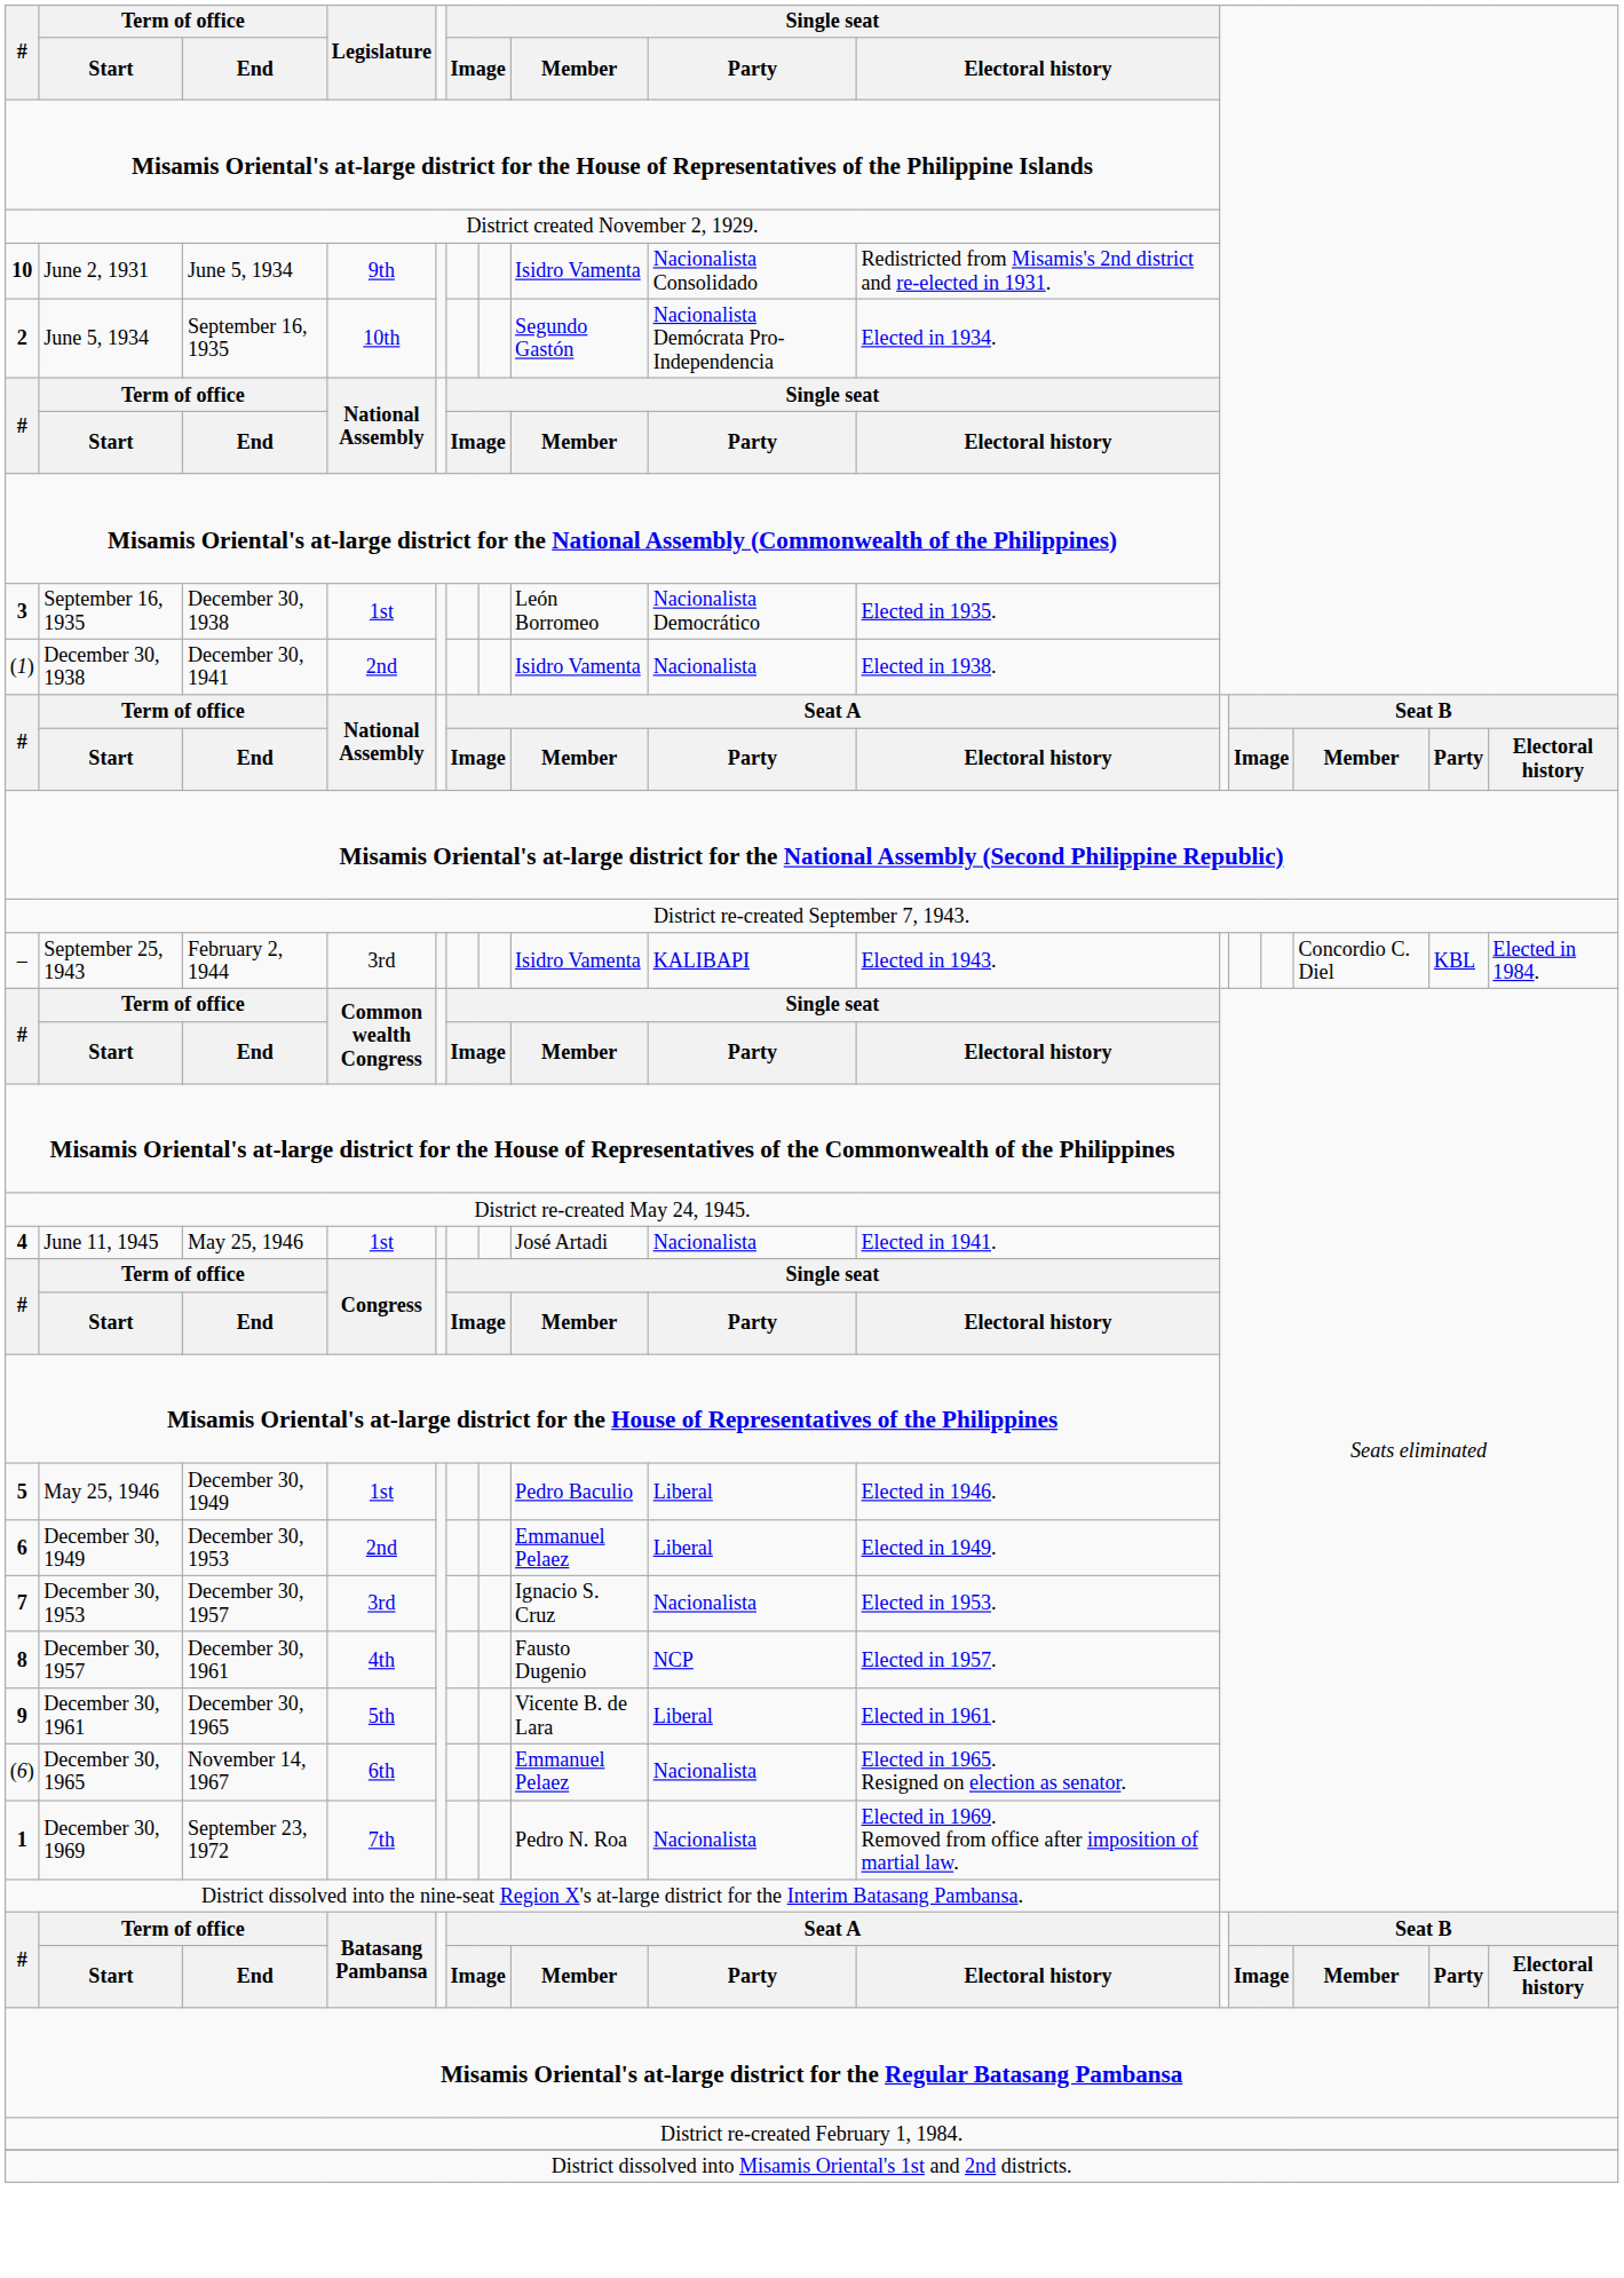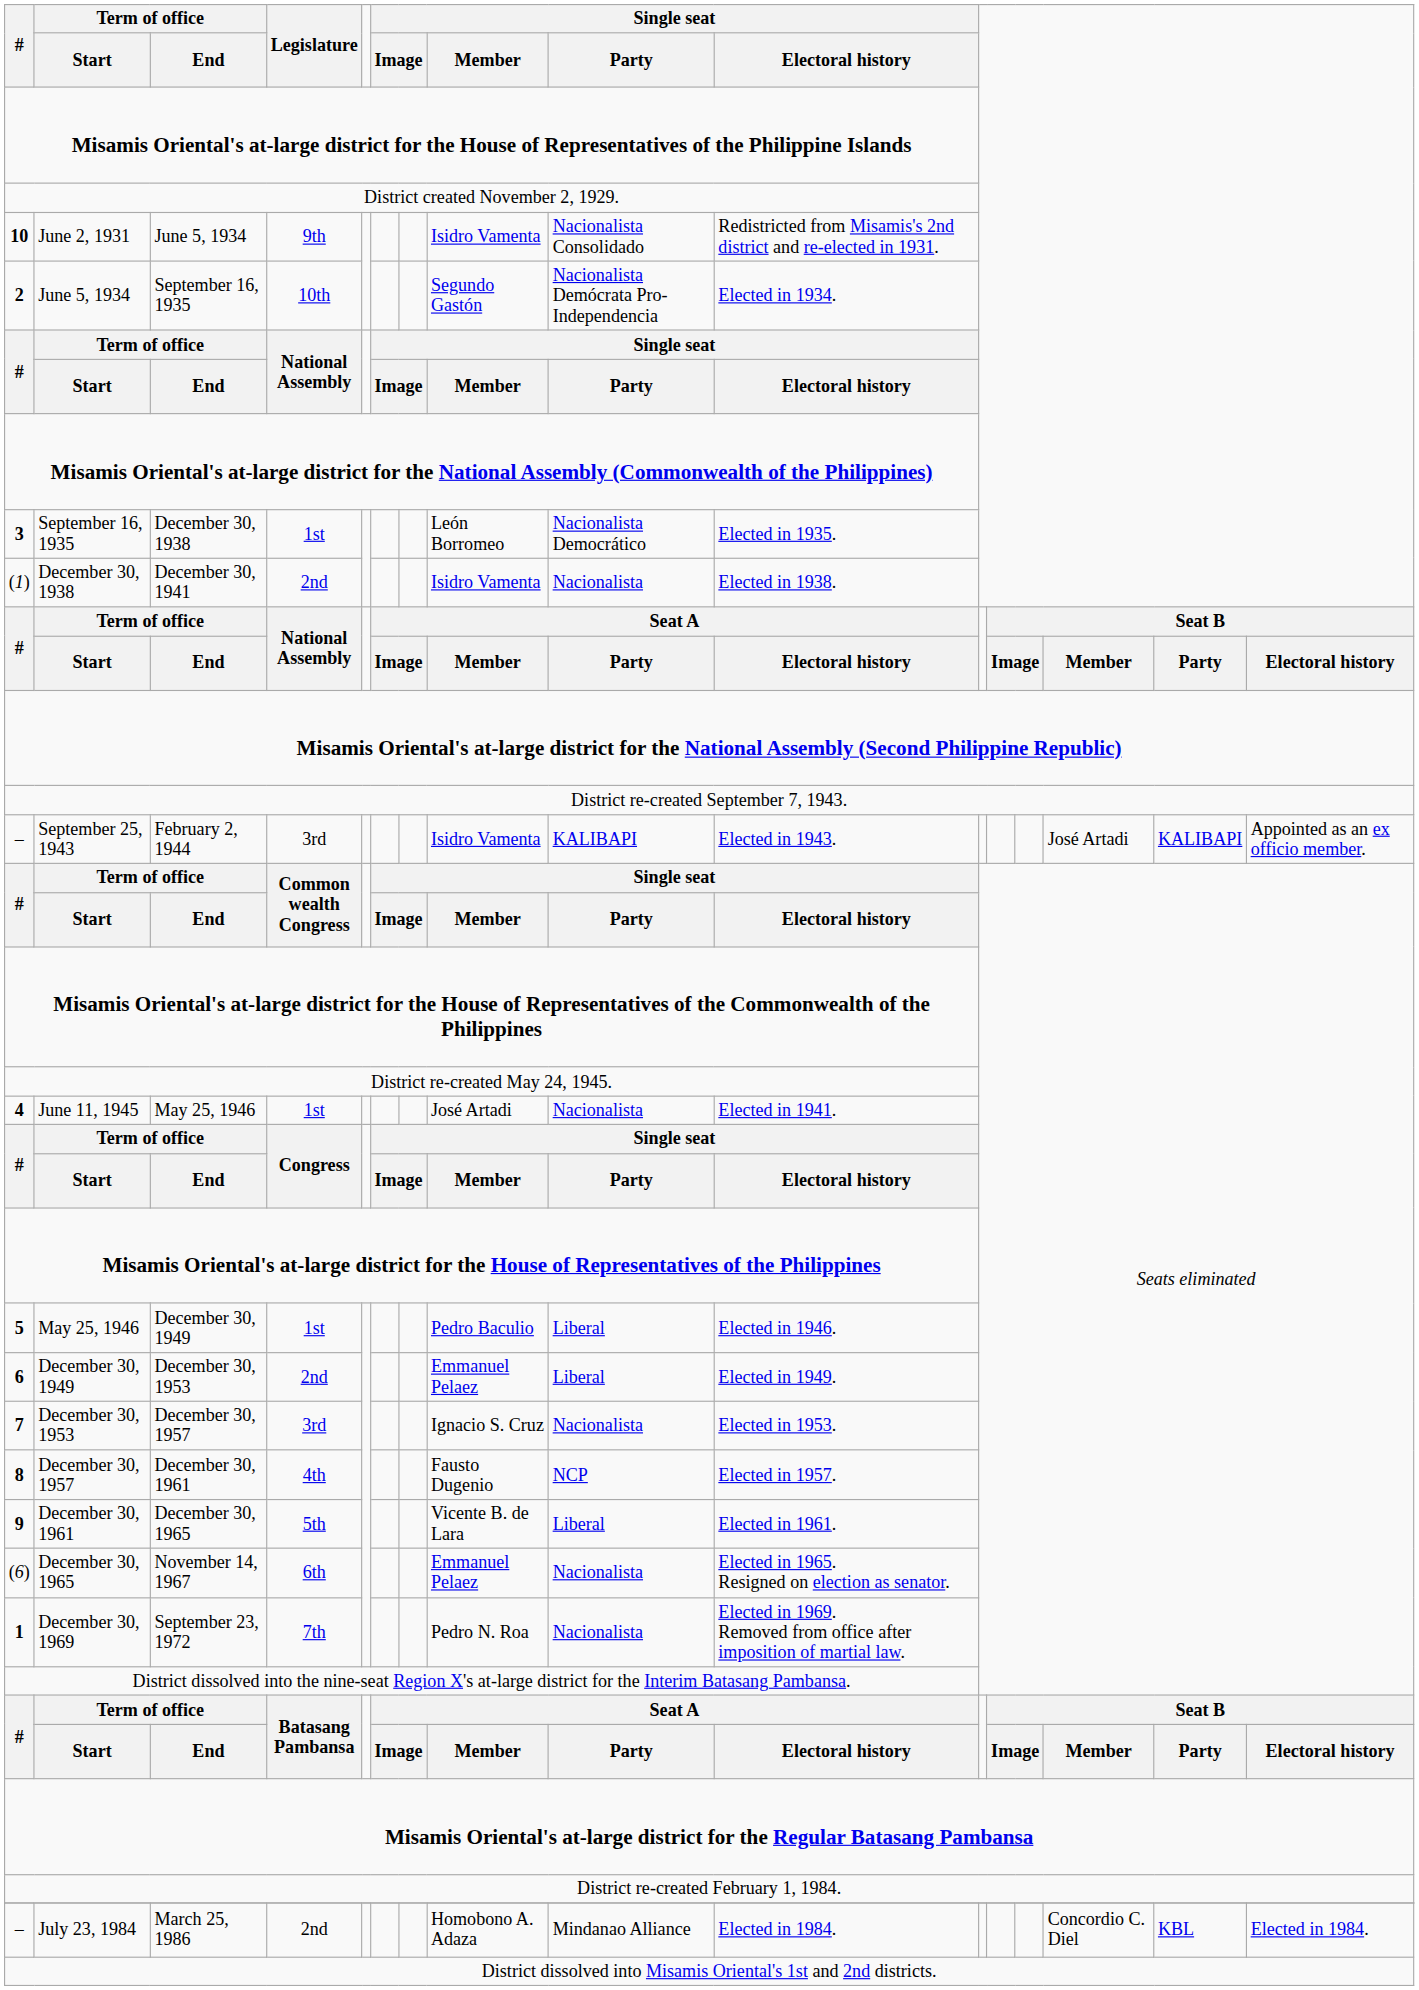 <table class=wikitable>
 <tr>
 <th rowspan=2>#</th>
 <th colspan=2>Term of office</th>
 <th rowspan=2>Legislature</th>
 <td rowspan=2></td>
 <th colspan=5>Single seat</th>
 </tr>
 <tr style="height:3em">
 <th>Start</th>
 <th>End</th>
 <th colspan="2" style="text-align:center;">Image</th>
 <th>Member</th>
 <th>Party</th>
 <th>Electoral history</th>
 </tr>
 <tr>
 <td colspan="10" style="text-align:center;"><br><h3>Misamis Oriental's at-large district for the House of Representatives of the Philippine Islands</h3></td>
 </tr>
 <tr>
 <td colspan="10" style="text-align:center;">District created November 2, 1929. </td>
 </tr>
 <tr>
 <td style="text-align:center;"><strong>10</strong></td>
 <td>June 2, 1931</td>
 <td>June 5, 1934</td>
 <td style="text-align:center;"><a href='#'>9th</a></td>
 <td rowspan="2"></td>
 <td style="color:inherit;background:"></td>
 <td></td>
 <td><a href='#'>Isidro Vamenta</a></td>
 <td><a href='#'>Nacionalista</a><br>Consolidado</td>
 <td>Redistricted from <a href='#'>Misamis's 2nd district</a> and <a href='#'>re-elected in 1931</a>.</td>
 </tr>
 <tr>
 <td style="text-align:center;"><strong>2</strong></td>
 <td>June 5, 1934</td>
 <td>September 16, 1935</td>
 <td style="text-align:center;"><a href='#'>10th</a></td>
 <td style="color:inherit;background:"></td>
 <td></td>
 <td><a href='#'>Segundo Gastón</a></td>
 <td><a href='#'>Nacionalista</a><br>Demócrata Pro-Independencia</td>
 <td><a href='#'>Elected in 1934</a>.</td>
 </tr>
 <tr>
 <th rowspan=2>#</th>
 <th colspan=2>Term of office</th>
 <th rowspan=2>National<br>Assembly</th>
 <td rowspan=2></td>
 <th colspan=5>Single seat</th>
 </tr>
 <tr style="height:3em">
 <th>Start</th>
 <th>End</th>
 <th colspan="2" style="text-align:center;">Image</th>
 <th>Member</th>
 <th>Party</th>
 <th>Electoral history</th>
 </tr>
 <tr>
 <td colspan="10" style="text-align:center;"><br><h3>Misamis Oriental's at-large district for the <a href='#'>National Assembly (Commonwealth of the Philippines)</a></h3></td>
 </tr>
 <tr>
 <td style="text-align:center;"><strong>3</strong></td>
 <td>September 16, 1935</td>
 <td>December 30, 1938</td>
 <td style="text-align:center;"><a href='#'>1st</a></td>
 <td rowspan=2></td>
 <td style="color:inherit;background:"></td>
 <td></td>
 <td>León Borromeo</td>
 <td><a href='#'>Nacionalista</a><br>Democrático</td>
 <td><a href='#'>Elected in 1935</a>.</td>
 </tr>
 <tr>
 <td style="text-align:center;">(<em>1</em>)</td>
 <td>December 30, 1938</td>
 <td>December 30, 1941</td>
 <td style="text-align:center;"><a href='#'>2nd</a></td>
 <td style="color:inherit;background:"></td>
 <td></td>
 <td><a href='#'>Isidro Vamenta</a></td>
 <td><a href='#'>Nacionalista</a></td>
 <td><a href='#'>Elected in 1938</a>.</td>
 </tr>
 <tr>
 <th rowspan=2>#</th>
 <th colspan=2>Term of office</th>
 <th rowspan=2>National<br>Assembly</th>
 <td rowspan=2></td>
 <th colspan=5>Seat A</th>
 <td rowspan=2></td>
 <th colspan=5>Seat B</th>
 </tr>
 <tr style="height:3em">
 <th>Start</th>
 <th>End</th>
 <th colspan="2" style="text-align:center;">Image</th>
 <th>Member</th>
 <th>Party</th>
 <th>Electoral history</th>
 <th colspan="2" style="text-align:center;">Image</th>
 <th>Member</th>
 <th>Party</th>
 <th>Electoral history</th>
 </tr>
 <tr>
 <td colspan="16" style="text-align:center;"><br><h3>Misamis Oriental's at-large district for the <a href='#'>National Assembly (Second Philippine Republic)</a></h3></td>
 </tr>
 <tr>
 <td colspan="16" style="text-align:center;">District re-created September 7, 1943.</td>
 </tr>
 <tr>
 <td style="text-align:center;">–</td>
 <td>September 25, 1943</td>
 <td>February 2, 1944</td>
 <td style="text-align:center;">3rd</td>
 <td></td>
 <td style="color:inherit;background:"></td>
 <td></td>
 <td><a href='#'>Isidro Vamenta</a></td>
 <td><a href='#'>KALIBAPI</a></td>
 <td><a href='#'>Elected in 1943</a>.</td>
 <td></td>
 <td style="color:inherit;background:"></td>
 <td></td>
-<td>Concordio C. Diel</td>
-<td><a href='#'>KBL</a></td>
-<td><a href='#'>Elected in 1984</a>.</td>
+<td>José Artadi</td>
+<td><a href='#'>KALIBAPI</a></td>
+<td>Appointed as an <a href='#'>ex officio member</a>.</td>
 </tr>
 <tr>
 <th rowspan=2>#</th>
 <th colspan=2>Term of office</th>
 <th rowspan=2>Common<br>wealth<br>Congress</th>
 <td rowspan=2></td>
 <th colspan=5>Single seat</th>
 <td rowspan=16 colspan=6 style="text-align:center;"><em>Seats eliminated</em></td>
 </tr>
 <tr style="height:3em">
 <th>Start</th>
 <th>End</th>
 <th colspan="2" style="text-align:center;">Image</th>
 <th>Member</th>
 <th>Party</th>
 <th>Electoral history</th>
 </tr>
 <tr>
 <td colspan="10" style="text-align:center;"><br><h3>Misamis Oriental's at-large district for the House of Representatives of the Commonwealth of the Philippines</h3></td>
 </tr>
 <tr>
 <td colspan="10" style="text-align:center;">District re-created May 24, 1945.</td>
 </tr>
 <tr>
 <td style="text-align:center;"><strong>4</strong></td>
 <td>June 11, 1945</td>
 <td>May 25, 1946</td>
 <td style="text-align:center;"><a href='#'>1st</a></td>
 <td></td>
 <td style="color:inherit;background:"></td>
 <td></td>
 <td>José Artadi</td>
 <td><a href='#'>Nacionalista</a></td>
 <td><a href='#'>Elected in 1941</a>.</td>
 </tr>
 <tr>
 <th rowspan=2>#</th>
 <th colspan=2>Term of office</th>
 <th rowspan=2>Congress</th>
 <td rowspan=2></td>
 <th colspan=5>Single seat</th>
 </tr>
 <tr style="height:3em">
 <th>Start</th>
 <th>End</th>
 <th colspan="2" style="text-align:center;">Image</th>
 <th>Member</th>
 <th>Party</th>
 <th>Electoral history</th>
 </tr>
 <tr>
 <td colspan="10" style="text-align:center;"><br><h3>Misamis Oriental's at-large district for the <a href='#'>House of Representatives of the Philippines</a></h3></td>
 </tr>
 <tr>
 <td style="text-align:center;"><strong>5</strong></td>
 <td>May 25, 1946</td>
 <td>December 30, 1949</td>
 <td style="text-align:center;"><a href='#'>1st</a></td>
 <td rowspan=7></td>
 <td style="color:inherit;background:"></td>
 <td></td>
 <td><a href='#'>Pedro Baculio</a></td>
 <td><a href='#'>Liberal</a></td>
 <td><a href='#'>Elected in 1946</a>.</td>
 </tr>
 <tr>
 <td style="text-align:center;"><strong>6</strong></td>
 <td>December 30, 1949</td>
 <td>December 30, 1953</td>
 <td style="text-align:center;"><a href='#'>2nd</a></td>
 <td style="color:inherit;background:"></td>
 <td></td>
 <td><a href='#'>Emmanuel Pelaez</a></td>
 <td><a href='#'>Liberal</a></td>
 <td><a href='#'>Elected in 1949</a>.</td>
 </tr>
 <tr>
 <td style="text-align:center;"><strong>7</strong></td>
 <td>December 30, 1953</td>
 <td>December 30, 1957</td>
 <td style="text-align:center;"><a href='#'>3rd</a></td>
 <td style="color:inherit;background:"></td>
 <td></td>
 <td>Ignacio S. Cruz</td>
 <td><a href='#'>Nacionalista</a></td>
 <td><a href='#'>Elected in 1953</a>.</td>
 </tr>
 <tr>
 <td style="text-align:center;"><strong>8</strong></td>
 <td>December 30, 1957</td>
 <td>December 30, 1961</td>
 <td style="text-align:center;"><a href='#'>4th</a></td>
 <td style="color:inherit;background:"></td>
 <td></td>
 <td>Fausto Dugenio</td>
 <td><a href='#'>NCP</a></td>
 <td><a href='#'>Elected in 1957</a>.</td>
 </tr>
 <tr>
 <td style="text-align:center;"><strong>9</strong></td>
 <td>December 30, 1961</td>
 <td>December 30, 1965</td>
 <td style="text-align:center;"><a href='#'>5th</a></td>
 <td style="color:inherit;background:"></td>
 <td></td>
 <td>Vicente B. de Lara</td>
 <td><a href='#'>Liberal</a></td>
 <td><a href='#'>Elected in 1961</a>.</td>
 </tr>
 <tr>
 <td style="text-align:center;">(<em>6</em>)</td>
 <td>December 30, 1965</td>
 <td>November 14, 1967</td>
 <td style="text-align:center;"><a href='#'>6th</a></td>
 <td style="color:inherit;background:"></td>
 <td></td>
 <td><a href='#'>Emmanuel Pelaez</a></td>
 <td><a href='#'>Nacionalista</a></td>
 <td><a href='#'>Elected in 1965</a>.<br>Resigned on <a href='#'>election as senator</a>.</td>
 </tr>
 <tr>
 <td style="text-align:center;"><strong>1</strong></td>
 <td>December 30, 1969</td>
 <td>September 23, 1972</td>
 <td style="text-align:center;"><a href='#'>7th</a></td>
 <td style="color:inherit;background:"></td>
 <td></td>
 <td>Pedro N. Roa</td>
 <td><a href='#'>Nacionalista</a></td>
 <td><a href='#'>Elected in 1969</a>.<br>Removed from office after <a href='#'>imposition of martial law</a>.</td>
 </tr>
 <tr>
 <td colspan="10" style="text-align:center;">District dissolved into the nine-seat <a href='#'>Region X</a>'s at-large district for the <a href='#'>Interim Batasang Pambansa</a>.</td>
 </tr>
 <tr>
 <th rowspan=2>#</th>
 <th colspan=2>Term of office</th>
 <th rowspan=2>Batasang<br>Pambansa</th>
 <td rowspan=2></td>
 <th colspan=5>Seat A</th>
 <td rowspan=2></td>
 <th colspan=5>Seat B</th>
 </tr>
 <tr style="height:3em">
 <th>Start</th>
 <th>End</th>
 <th colspan="2" style="text-align:center;">Image</th>
 <th>Member</th>
 <th>Party</th>
 <th>Electoral history</th>
 <th colspan="2" style="text-align:center;">Image</th>
 <th>Member</th>
 <th>Party</th>
 <th>Electoral history</th>
 </tr>
 <tr>
 <td colspan="16" style="text-align:center;"><br><h3>Misamis Oriental's at-large district for the <a href='#'>Regular Batasang Pambansa</a></h3></td>
 </tr>
 <tr>
 <td colspan="16" style="text-align:center;">District re-created February 1, 1984.</td>
 </tr>
 <tr>
 </tr>
+<tr style="height:3em">
+<td style="text-align:center;">–</td>
+<td>July 23, 1984</td>
+<td>March 25, 1986</td>
+<td style="text-align:center;">2nd</td>
+<td></td>
+<td style="color:inherit;background:"></td>
+<td></td>
+<td>Homobono A. Adaza</td>
+<td>Mindanao Alliance</td>
+<td><a href='#'>Elected in 1984</a>.</td>
+<td></td>
+<td style="color:inherit;background:"></td>
+<td></td>
+<td>Concordio C. Diel</td>
+<td><a href='#'>KBL</a></td>
+<td><a href='#'>Elected in 1984</a>.</td>
+</tr>
 <tr>
 <td colspan="16" style="text-align:center;">District dissolved into <a href='#'>Misamis Oriental's 1st</a> and <a href='#'>2nd</a> districts.</td>
 </tr>
 </table>
